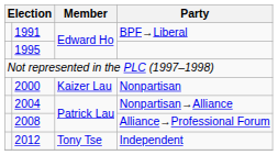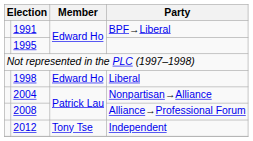 <table class="wikitable">
 <tr>
 <th colspan="2">Election</th>
 <th>Member</th>
 <th>Party</th>
 </tr>
 <tr>
 <td style="background-color: "></td>
 <td><a href='#'>1991</a></td>
 <td rowspan="2"><a href='#'>Edward Ho</a></td>
 <td><a href='#'>BPF</a>→<a href='#'>Liberal</a></td>
 </tr>
 <tr>
 <td style="background-color: "></td>
 <td><a href='#'>1995</a></td>
 </tr>
 <tr>
 <td colspan="4"><em>Not represented in the <a href='#'>PLC</a> (1997–1998)</em></td>
 </tr>
 <tr>
 <td style="background-color: "></td>
-<td><a href='#'>2000</a></td>
-<td><a href='#'>Kaizer Lau</a></td>
-<td><a href='#'>Nonpartisan</a></td>
+<td><a href='#'>1998</a></td>
+<td><a href='#'>Edward Ho</a></td>
+<td><a href='#'>Liberal</a></td>
 </tr>
 <tr>
 <td style="background-color: "></td>
 <td><a href='#'>2004</a></td>
 <td rowspan="2"><a href='#'>Patrick Lau</a></td>
 <td><a href='#'>Nonpartisan</a>→<a href='#'>Alliance</a></td>
 </tr>
 <tr>
 <td style="background-color: "></td>
 <td><a href='#'>2008</a></td>
 <td><a href='#'>Alliance</a>→<a href='#'>Professional Forum</a></td>
 </tr>
 <tr>
 <td style="background-color: "></td>
 <td><a href='#'>2012</a></td>
 <td><a href='#'>Tony Tse</a></td>
 <td><a href='#'>Independent</a></td>
 </tr>
 <tr>
 </tr>
 </table>
